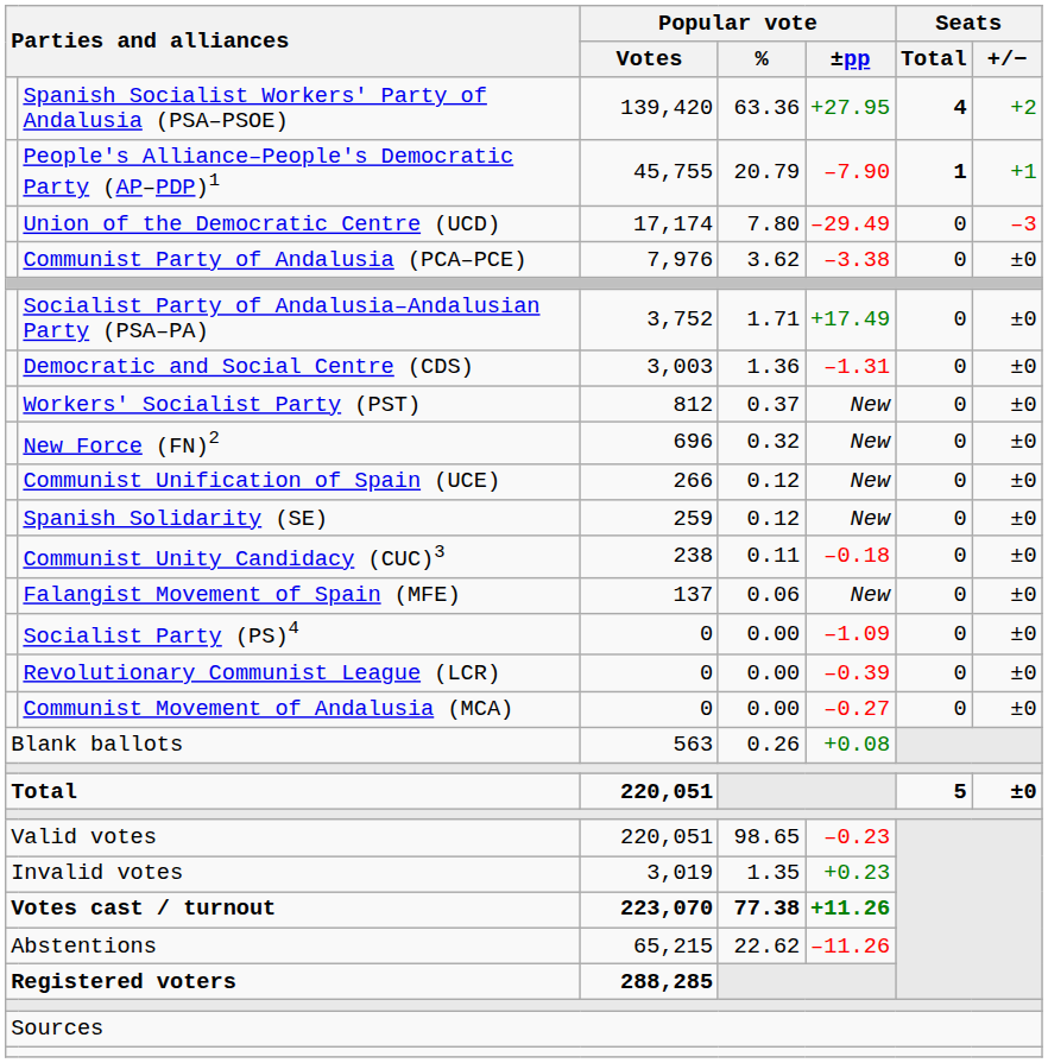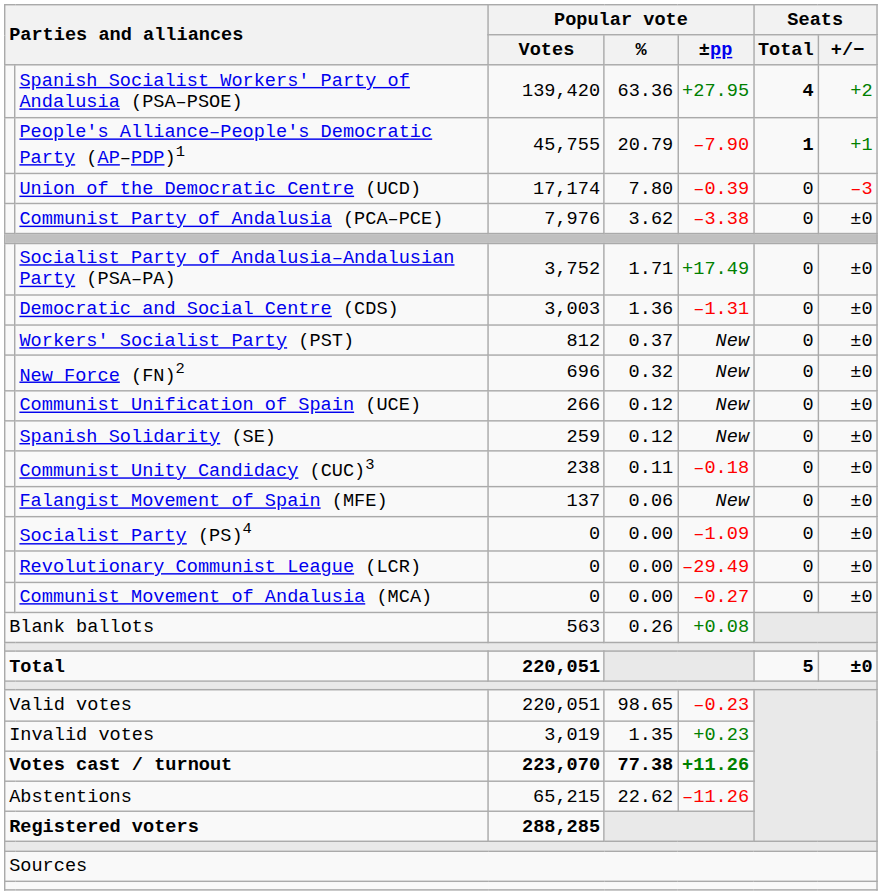 <table class="wikitable" style="text-align:right;">
 <tr>
 <th style="text-align:left;" rowspan="2" colspan="2" width="525">Parties and alliances</th>
 <th colspan="3">Popular vote</th>
 <th colspan="2">Seats</th>
 </tr>
 <tr>
 <th width="75">Votes</th>
 <th width="45">%</th>
 <th width="45">±<a href='#'>pp</a></th>
 <th width="35">Total</th>
 <th width="35">+/−</th>
 </tr>
 <tr>
 <td width="1" style="color:inherit;background:"></td>
 <td align="left"><a href='#'>Spanish Socialist Workers' Party of Andalusia</a> (PSA–PSOE)</td>
 <td>139,420</td>
 <td>63.36</td>
 <td style="color:green;">+27.95</td>
 <td><strong>4</strong></td>
 <td style="color:green;">+2</td>
 </tr>
 <tr>
 <td style="color:inherit;background:"></td>
 <td align="left"><a href='#'>People's Alliance–People's Democratic Party</a> (<a href='#'>AP</a>–<a href='#'>PDP</a>)<sup>1</sup></td>
 <td>45,755</td>
 <td>20.79</td>
 <td style="color:red;">–7.90</td>
 <td><strong>1</strong></td>
 <td style="color:green;">+1</td>
 </tr>
 <tr>
 <td style="color:inherit;background:"></td>
 <td align="left"><a href='#'>Union of the Democratic Centre</a> (UCD)</td>
 <td>17,174</td>
 <td>7.80</td>
-<td style="color:red;">–29.49</td>
+<td style="color:red;">–0.39</td>
 <td>0</td>
 <td style="color:red;">–3</td>
 </tr>
 <tr>
 <td style="color:inherit;background:"></td>
 <td align="left"><a href='#'>Communist Party of Andalusia</a> (PCA–PCE)</td>
 <td>7,976</td>
 <td>3.62</td>
 <td style="color:red;">–3.38</td>
 <td>0</td>
 <td>±0</td>
 </tr>
 <tr>
 <td colspan="7" bgcolor="#C0C0C0"></td>
 </tr>
 <tr>
 <td style="color:inherit;background:"></td>
 <td align="left"><a href='#'>Socialist Party of Andalusia–Andalusian Party</a> (PSA–PA)</td>
 <td>3,752</td>
 <td>1.71</td>
 <td style="color:green;">+17.49</td>
 <td>0</td>
 <td>±0</td>
 </tr>
 <tr>
 <td style="color:inherit;background:"></td>
 <td align="left"><a href='#'>Democratic and Social Centre</a> (CDS)</td>
 <td>3,003</td>
 <td>1.36</td>
 <td style="color:red;">–1.31</td>
 <td>0</td>
 <td>±0</td>
 </tr>
 <tr>
 <td style="color:inherit;background:"></td>
 <td align="left"><a href='#'>Workers' Socialist Party</a> (PST)</td>
 <td>812</td>
 <td>0.37</td>
 <td><em>New</em></td>
 <td>0</td>
 <td>±0</td>
 </tr>
 <tr>
 <td style="color:inherit;background:"></td>
 <td align="left"><a href='#'>New Force</a> (FN)<sup>2</sup></td>
 <td>696</td>
 <td>0.32</td>
 <td><em>New</em></td>
 <td>0</td>
 <td>±0</td>
 </tr>
 <tr>
 <td style="color:inherit;background:"></td>
 <td align="left"><a href='#'>Communist Unification of Spain</a> (UCE)</td>
 <td>266</td>
 <td>0.12</td>
 <td><em>New</em></td>
 <td>0</td>
 <td>±0</td>
 </tr>
 <tr>
 <td style="color:inherit;background:"></td>
 <td align="left"><a href='#'>Spanish Solidarity</a> (SE)</td>
 <td>259</td>
 <td>0.12</td>
 <td><em>New</em></td>
 <td>0</td>
 <td>±0</td>
 </tr>
 <tr>
 <td style="color:inherit;background:"></td>
 <td align="left"><a href='#'>Communist Unity Candidacy</a> (CUC)<sup>3</sup></td>
 <td>238</td>
 <td>0.11</td>
 <td style="color:red;">–0.18</td>
 <td>0</td>
 <td>±0</td>
 </tr>
 <tr>
 <td style="color:inherit;background:"></td>
 <td align="left"><a href='#'>Falangist Movement of Spain</a> (MFE)</td>
 <td>137</td>
 <td>0.06</td>
 <td><em>New</em></td>
 <td>0</td>
 <td>±0</td>
 </tr>
 <tr>
 <td style="color:inherit;background:"></td>
 <td align="left"><a href='#'>Socialist Party</a> (PS)<sup>4</sup></td>
 <td>0</td>
 <td>0.00</td>
 <td style="color:red;">–1.09</td>
 <td>0</td>
 <td>±0</td>
 </tr>
 <tr>
 <td style="color:inherit;background:"></td>
 <td align="left"><a href='#'>Revolutionary Communist League</a> (LCR)</td>
 <td>0</td>
 <td>0.00</td>
-<td style="color:red;">–0.39</td>
+<td style="color:red;">–29.49</td>
 <td>0</td>
 <td>±0</td>
 </tr>
 <tr>
 <td style="color:inherit;background:"></td>
 <td align="left"><a href='#'>Communist Movement of Andalusia</a> (MCA)</td>
 <td>0</td>
 <td>0.00</td>
 <td style="color:red;">–0.27</td>
 <td>0</td>
 <td>±0</td>
 </tr>
 <tr>
 <td align="left" colspan="2">Blank ballots</td>
 <td>563</td>
 <td>0.26</td>
 <td style="color:green;">+0.08</td>
 <td bgcolor="#E9E9E9" colspan="2"></td>
 </tr>
 <tr>
 <td colspan="7" bgcolor="#E9E9E9"></td>
 </tr>
 <tr style="font-weight:bold;">
 <td align="left" colspan="2">Total</td>
 <td>220,051</td>
 <td bgcolor="#E9E9E9" colspan="2"></td>
 <td>5</td>
 <td>±0</td>
 </tr>
 <tr>
 <td colspan="7" bgcolor="#E9E9E9"></td>
 </tr>
 <tr>
 <td align="left" colspan="2">Valid votes</td>
 <td>220,051</td>
 <td>98.65</td>
 <td style="color:red;">–0.23</td>
 <td bgcolor="#E9E9E9" colspan="2" rowspan="5"></td>
 </tr>
 <tr>
 <td align="left" colspan="2">Invalid votes</td>
 <td>3,019</td>
 <td>1.35</td>
 <td style="color:green;">+0.23</td>
 </tr>
 <tr style="font-weight:bold;">
 <td align="left" colspan="2">Votes cast / turnout</td>
 <td>223,070</td>
 <td>77.38</td>
 <td style="color:green;">+11.26</td>
 </tr>
 <tr>
 <td align="left" colspan="2">Abstentions</td>
 <td>65,215</td>
 <td>22.62</td>
 <td style="color:red;">–11.26</td>
 </tr>
 <tr style="font-weight:bold;">
 <td align="left" colspan="2">Registered voters</td>
 <td>288,285</td>
 <td bgcolor="#E9E9E9" colspan="2"></td>
 </tr>
 <tr>
 <td colspan="7" bgcolor="#E9E9E9"></td>
 </tr>
 <tr>
 <td align="left" colspan="7">Sources</td>
 </tr>
 <tr>
 <td colspan="7" style="text-align:left; max-width:790px;"></td>
 </tr>
 </table>
